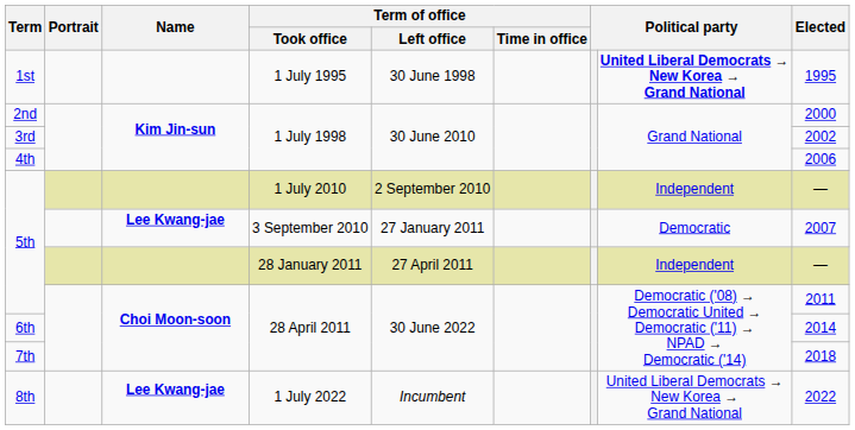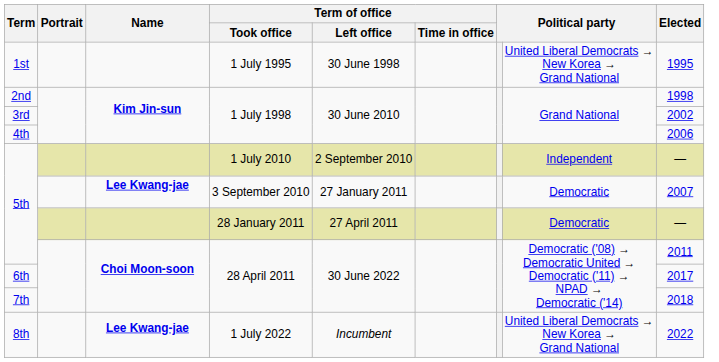 <table class="wikitable" style="text-align:center">
 <tr>
 <th rowspan="2">Term</th>
 <th rowspan="2">Portrait</th>
 <th rowspan="2" width="160">Name<br></th>
 <th colspan="3">Term of office</th>
 <th colspan="2" rowspan="2">Political party</th>
 <th rowspan="2">Elected</th>
 </tr>
 <tr>
 <th>Took office</th>
 <th>Left office</th>
 <th>Time in office</th>
 </tr>
 <tr>
 <td><a href='#'>1st</a></td>
 <td></td>
 <td><strong></strong><br><br></td>
 <td>1 July 1995</td>
 <td>30 June 1998</td>
 <td></td>
 <th style="background:"></th>
-<td><strong><a href='#'>United Liberal Democrats</a> →<br><a href='#'>New Korea</a> →<br><a href='#'>Grand National</a></strong></td>
+<td><a href='#'>United Liberal Democrats</a> →<br><a href='#'>New Korea</a> →<br><a href='#'>Grand National</a></td>
 <td><a href='#'>1995</a></td>
 </tr>
 <tr>
 <td><a href='#'>2nd</a></td>
 <td rowspan="3"></td>
 <td rowspan="3"><strong><a href='#'>Kim Jin-sun</a></strong><br><br></td>
 <td rowspan="3">1 July 1998</td>
 <td rowspan="3">30 June 2010</td>
 <td rowspan="3"></td>
 <th rowspan="3" style="background:"></th>
 <td rowspan="3"><a href='#'>Grand National</a></td>
-<td><a href='#'>2000</a></td>
+<td><a href='#'>1998</a></td>
 </tr>
 <tr>
 <td><a href='#'>3rd</a></td>
 <td><a href='#'>2002</a></td>
 </tr>
 <tr>
 <td><a href='#'>4th</a></td>
 <td><a href='#'>2006</a></td>
 </tr>
 <tr>
 <td rowspan="4"><a href='#'>5th</a></td>
 <td bgcolor="#E6E6AA"></td>
 <td bgcolor="#E6E6AA"><strong></strong><br><br></td>
 <td bgcolor="#E6E6AA">1 July 2010</td>
 <td bgcolor="#E6E6AA">2 September 2010</td>
 <td bgcolor="#E6E6AA"></td>
 <th style="background:"></th>
 <td bgcolor="#E6E6AA"><a href='#'>Independent</a></td>
 <td bgcolor="#E6E6AA">—</td>
 </tr>
 <tr>
 <td></td>
 <td><strong><a href='#'>Lee Kwang-jae</a></strong><br><br></td>
 <td>3 September 2010</td>
 <td>27 January 2011</td>
 <td></td>
 <th style="background:"></th>
 <td><a href='#'>Democratic</a></td>
 <td><a href='#'>2007</a></td>
 </tr>
 <tr style="background:#E6E6AA;">
 <td></td>
 <td><strong></strong><br><br></td>
 <td>28 January 2011</td>
 <td>27 April 2011</td>
 <td></td>
 <th style="background:"></th>
-<td><a href='#'>Independent</a></td>
+<td><a href='#'>Democratic</a></td>
 <td>—</td>
 </tr>
 <tr>
 <td rowspan="3"></td>
 <td rowspan="3"><strong><a href='#'>Choi Moon-soon</a></strong><br><br></td>
 <td rowspan="3">28 April 2011</td>
 <td rowspan="3">30 June 2022</td>
 <td rowspan="3"></td>
 <th rowspan="3" style="background:"></th>
 <td rowspan="3"><a href='#'>Democratic ('08)</a> →<br><a href='#'>Democratic United</a> →<br><a href='#'>Democratic ('11)</a> →<br><a href='#'>NPAD</a> →<br><a href='#'>Democratic ('14)</a></td>
 <td><a href='#'>2011 </a></td>
 </tr>
 <tr>
 <td><a href='#'>6th</a></td>
-<td><a href='#'>2014</a></td>
+<td><a href='#'>2017</a></td>
 </tr>
 <tr>
 <td><a href='#'>7th</a></td>
 <td><a href='#'>2018</a></td>
 </tr>
 <tr>
 <td><a href='#'>8th</a></td>
 <td></td>
 <td><strong><a href='#'>Lee Kwang-jae</a></strong><br><br></td>
 <td>1 July 2022</td>
 <td><em>Incumbent</em></td>
 <td></td>
 <th style="background:"></th>
 <td><a href='#'>United Liberal Democrats</a> →<br><a href='#'>New Korea</a> →<br><a href='#'>Grand National</a></td>
 <td><a href='#'>2022</a></td>
 </tr>
 </table>
